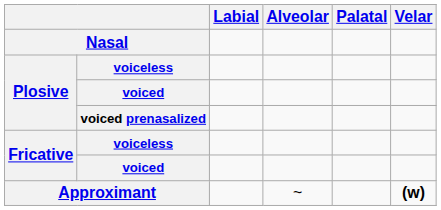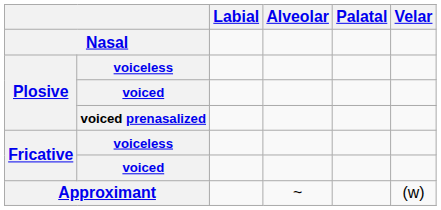 <table class="wikitable" style=text-align:center>
 <tr>
 <th colspan=2></th>
 <th><a href='#'>Labial</a></th>
 <th><a href='#'>Alveolar</a></th>
 <th><a href='#'>Palatal</a></th>
 <th><a href='#'>Velar</a></th>
 </tr>
 <tr>
 <th colspan=2><a href='#'>Nasal</a></th>
 <td></td>
 <td></td>
 <td></td>
 <td></td>
 </tr>
 <tr>
 <th rowspan=3><a href='#'>Plosive</a></th>
 <th><small><a href='#'>voiceless</a></small></th>
 <td></td>
 <td></td>
 <td></td>
 <td></td>
 </tr>
 <tr>
 <th><small><a href='#'>voiced</a></small></th>
 <td></td>
 <td></td>
 <td></td>
 <td></td>
 </tr>
 <tr>
 <th><small>voiced <a href='#'>prenasalized</a></small></th>
 <td></td>
 <td></td>
 <td></td>
 <td></td>
 </tr>
 <tr>
 <th rowspan=2><a href='#'>Fricative</a></th>
 <th><small><a href='#'>voiceless</a></small></th>
 <td></td>
 <td></td>
 <td></td>
 <td></td>
 </tr>
 <tr>
 <th><small><a href='#'>voiced</a></small></th>
 <td></td>
 <td></td>
 <td></td>
 <td></td>
 </tr>
 <tr>
 <th colspan=2><a href='#'>Approximant</a></th>
 <td></td>
 <td>~</td>
 <td></td>
-<td><strong>(w)</strong></td>
+<td>(w)</td>
 </tr>
 </table>
